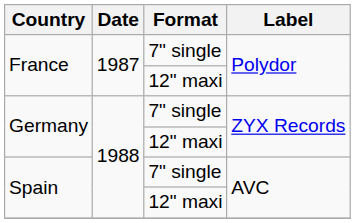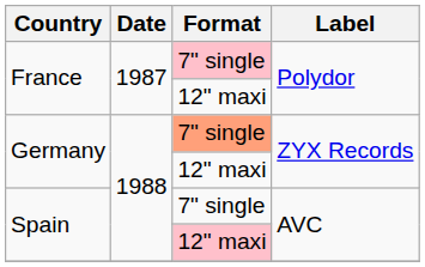 <table class=wikitable>
 <tr>
 <th>Country</th>
 <th>Date</th>
 <th>Format</th>
 <th>Label</th>
 </tr>
 <tr>
 <td rowspan="2">France</td>
 <td rowspan="2">1987</td>
-<td>7" single</td>
+<td style="background: pink;">7" single</td>
 <td rowspan="2"><a href='#'>Polydor</a></td>
 </tr>
 <tr>
 <td>12" maxi</td>
 </tr>
 <tr>
 <td rowspan="2">Germany</td>
 <td rowspan="4">1988</td>
-<td>7" single</td>
+<td style="background: lightsalmon;">7" single</td>
 <td rowspan="2"><a href='#'>ZYX Records</a></td>
 </tr>
 <tr>
 <td>12" maxi</td>
 </tr>
 <tr>
 <td rowspan="2">Spain</td>
 <td>7" single</td>
 <td rowspan="2">AVC</td>
 </tr>
 <tr>
-<td>12" maxi</td>
+<td style="background: pink;">12" maxi</td>
 </tr>
 <tr>
 </tr>
 </table>
